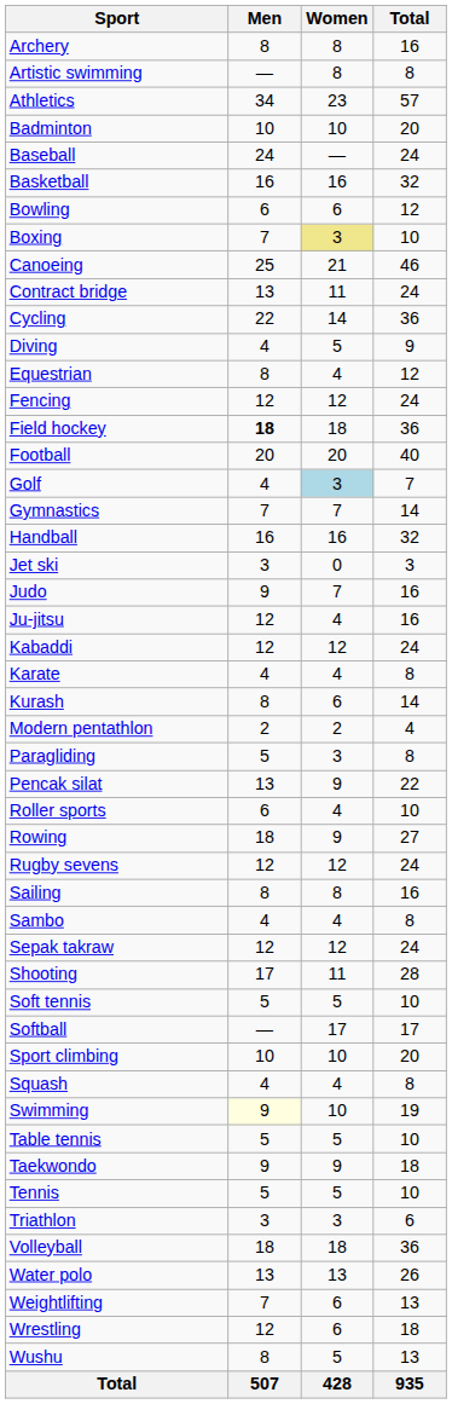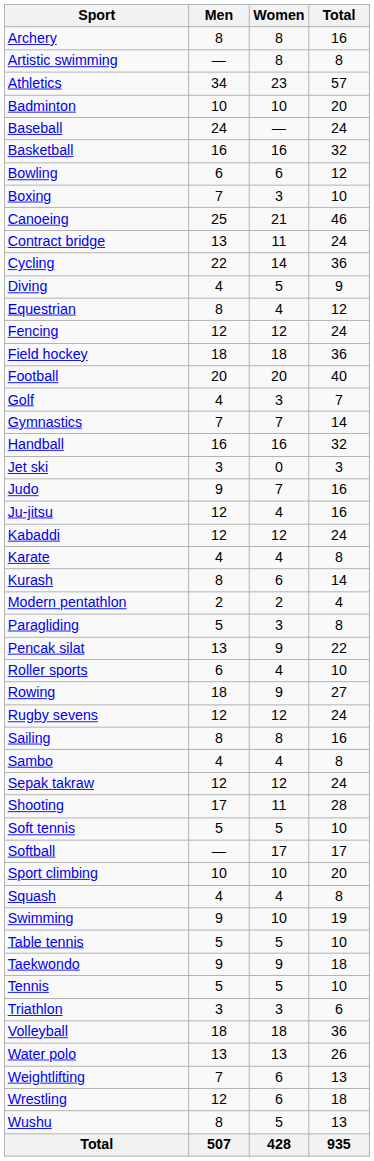 <table class="wikitable" style="text-align:center;">
 <tr>
 <th width=200>Sport</th>
 <th width=60>Men</th>
 <th width=60>Women</th>
 <th width=60>Total</th>
 </tr>
 <tr>
 <td align=left><a href='#'>Archery</a></td>
 <td>8</td>
 <td>8</td>
 <td>16</td>
 </tr>
 <tr>
 <td align=left><a href='#'>Artistic swimming</a></td>
 <td>—</td>
 <td>8</td>
 <td>8</td>
 </tr>
 <tr>
 <td align=left><a href='#'>Athletics</a></td>
 <td>34</td>
 <td>23</td>
 <td>57</td>
 </tr>
 <tr>
 <td align=left><a href='#'>Badminton</a></td>
 <td>10</td>
 <td>10</td>
 <td>20</td>
 </tr>
 <tr>
 <td align=left><a href='#'>Baseball</a></td>
 <td>24</td>
 <td>—</td>
 <td>24</td>
 </tr>
 <tr>
 <td align=left><a href='#'>Basketball</a></td>
 <td>16</td>
 <td>16</td>
 <td>32</td>
 </tr>
 <tr>
 <td align=left><a href='#'>Bowling</a></td>
 <td>6</td>
 <td>6</td>
 <td>12</td>
 </tr>
 <tr>
 <td align=left><a href='#'>Boxing</a></td>
 <td>7</td>
-<td style="background: khaki;">3</td>
+<td>3</td>
 <td>10</td>
 </tr>
 <tr>
 <td align=left><a href='#'>Canoeing</a></td>
 <td>25</td>
 <td>21</td>
 <td>46</td>
 </tr>
 <tr>
 <td align=left><a href='#'>Contract bridge</a></td>
 <td>13</td>
 <td>11</td>
 <td>24</td>
 </tr>
 <tr>
 <td align=left><a href='#'>Cycling</a></td>
 <td>22</td>
 <td>14</td>
 <td>36</td>
 </tr>
 <tr>
 <td align=left><a href='#'>Diving</a></td>
 <td>4</td>
 <td>5</td>
 <td>9</td>
 </tr>
 <tr>
 <td align=left><a href='#'>Equestrian</a></td>
 <td>8</td>
 <td>4</td>
 <td>12</td>
 </tr>
 <tr>
 <td align=left><a href='#'>Fencing</a></td>
 <td>12</td>
 <td>12</td>
 <td>24</td>
 </tr>
 <tr>
 <td align=left><a href='#'>Field hockey</a></td>
-<td><strong>18</strong></td>
+<td>18</td>
 <td>18</td>
 <td>36</td>
 </tr>
 <tr>
 <td align=left><a href='#'>Football</a></td>
 <td>20</td>
 <td>20</td>
 <td>40</td>
 </tr>
 <tr>
 <td align=left><a href='#'>Golf</a></td>
 <td>4</td>
-<td style="background: lightblue;">3</td>
+<td>3</td>
 <td>7</td>
 </tr>
 <tr>
 <td align=left><a href='#'>Gymnastics</a></td>
 <td>7</td>
 <td>7</td>
 <td>14</td>
 </tr>
 <tr>
 <td align=left><a href='#'>Handball</a></td>
 <td>16</td>
 <td>16</td>
 <td>32</td>
 </tr>
 <tr>
 <td align=left><a href='#'>Jet ski</a></td>
 <td>3</td>
 <td>0</td>
 <td>3</td>
 </tr>
 <tr>
 <td align=left><a href='#'>Judo</a></td>
 <td>9</td>
 <td>7</td>
 <td>16</td>
 </tr>
 <tr>
 <td align=left><a href='#'>Ju-jitsu</a></td>
 <td>12</td>
 <td>4</td>
 <td>16</td>
 </tr>
 <tr>
 <td align=left><a href='#'>Kabaddi</a></td>
 <td>12</td>
 <td>12</td>
 <td>24</td>
 </tr>
 <tr>
 <td align=left><a href='#'>Karate</a></td>
 <td>4</td>
 <td>4</td>
 <td>8</td>
 </tr>
 <tr>
 <td align=left><a href='#'>Kurash</a></td>
 <td>8</td>
 <td>6</td>
 <td>14</td>
 </tr>
 <tr>
 <td align=left><a href='#'>Modern pentathlon</a></td>
 <td>2</td>
 <td>2</td>
 <td>4</td>
 </tr>
 <tr>
 <td align=left><a href='#'>Paragliding</a></td>
 <td>5</td>
 <td>3</td>
 <td>8</td>
 </tr>
 <tr>
 <td align=left><a href='#'>Pencak silat</a></td>
 <td>13</td>
 <td>9</td>
 <td>22</td>
 </tr>
 <tr>
 <td align=left><a href='#'>Roller sports</a></td>
 <td>6</td>
 <td>4</td>
 <td>10</td>
 </tr>
 <tr>
 <td align=left><a href='#'>Rowing</a></td>
 <td>18</td>
 <td>9</td>
 <td>27</td>
 </tr>
 <tr>
 <td align=left><a href='#'>Rugby sevens</a></td>
 <td>12</td>
 <td>12</td>
 <td>24</td>
 </tr>
 <tr>
 <td align=left><a href='#'>Sailing</a></td>
 <td>8</td>
 <td>8</td>
 <td>16</td>
 </tr>
 <tr>
 <td align=left><a href='#'>Sambo</a></td>
 <td>4</td>
 <td>4</td>
 <td>8</td>
 </tr>
 <tr>
 <td align=left><a href='#'>Sepak takraw</a></td>
 <td>12</td>
 <td>12</td>
 <td>24</td>
 </tr>
 <tr>
 <td align=left><a href='#'>Shooting</a></td>
 <td>17</td>
 <td>11</td>
 <td>28</td>
 </tr>
 <tr>
 <td align=left><a href='#'>Soft tennis</a></td>
 <td>5</td>
 <td>5</td>
 <td>10</td>
 </tr>
 <tr>
 <td align=left><a href='#'>Softball</a></td>
 <td>—</td>
 <td>17</td>
 <td>17</td>
 </tr>
 <tr>
 <td align=left><a href='#'>Sport climbing</a></td>
 <td>10</td>
 <td>10</td>
 <td>20</td>
 </tr>
 <tr>
 <td align=left><a href='#'>Squash</a></td>
 <td>4</td>
 <td>4</td>
 <td>8</td>
 </tr>
 <tr>
 <td align=left><a href='#'>Swimming</a></td>
-<td style="background: lightyellow;">9</td>
+<td>9</td>
 <td>10</td>
 <td>19</td>
 </tr>
 <tr>
 <td align=left><a href='#'>Table tennis</a></td>
 <td>5</td>
 <td>5</td>
 <td>10</td>
 </tr>
 <tr>
 <td align=left><a href='#'>Taekwondo</a></td>
 <td>9</td>
 <td>9</td>
 <td>18</td>
 </tr>
 <tr>
 <td align=left><a href='#'>Tennis</a></td>
 <td>5</td>
 <td>5</td>
 <td>10</td>
 </tr>
 <tr>
 <td align=left><a href='#'>Triathlon</a></td>
 <td>3</td>
 <td>3</td>
 <td>6</td>
 </tr>
 <tr>
 <td align=left><a href='#'>Volleyball</a></td>
 <td>18</td>
 <td>18</td>
 <td>36</td>
 </tr>
 <tr>
 <td align=left><a href='#'>Water polo</a></td>
 <td>13</td>
 <td>13</td>
 <td>26</td>
 </tr>
 <tr>
 <td align=left><a href='#'>Weightlifting</a></td>
 <td>7</td>
 <td>6</td>
 <td>13</td>
 </tr>
 <tr>
 <td align=left><a href='#'>Wrestling</a></td>
 <td>12</td>
 <td>6</td>
 <td>18</td>
 </tr>
 <tr>
 <td align=left><a href='#'>Wushu</a></td>
 <td>8</td>
 <td>5</td>
 <td>13</td>
 </tr>
 <tr>
 <th>Total</th>
 <th>507</th>
 <th>428</th>
 <th>935</th>
 </tr>
 </table>
